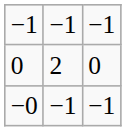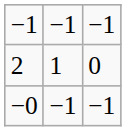 <table class="wikitable">
 <tr>
 <td>−1</td>
 <td>−1</td>
 <td>−1</td>
 </tr>
 <tr>
-<td>0</td>
 <td>2</td>
+<td>1</td>
 <td>0</td>
 </tr>
 <tr>
 <td>−0</td>
 <td>−1</td>
 <td>−1</td>
 </tr>
 </table>
